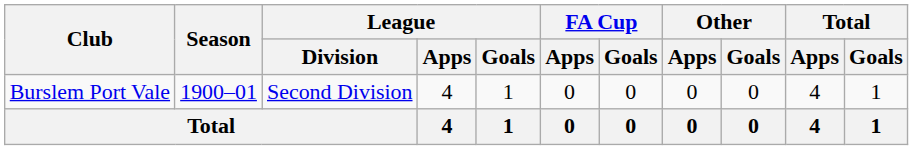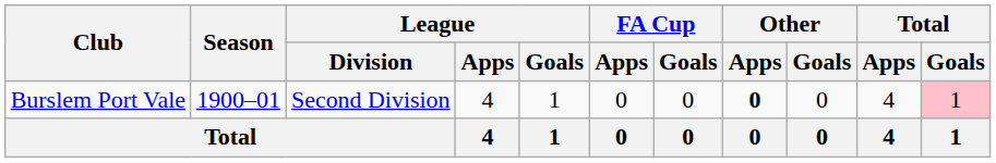 <table class="wikitable" style="text-align:center">
 <tr>
 <th rowspan="2">Club</th>
 <th rowspan="2">Season</th>
 <th colspan="3">League</th>
 <th colspan="2"><a href='#'>FA Cup</a></th>
 <th colspan="2">Other</th>
 <th colspan="2">Total</th>
 </tr>
 <tr>
 <th>Division</th>
 <th>Apps</th>
 <th>Goals</th>
 <th>Apps</th>
 <th>Goals</th>
 <th>Apps</th>
 <th>Goals</th>
 <th>Apps</th>
 <th>Goals</th>
 </tr>
 <tr>
 <td><a href='#'>Burslem Port Vale</a></td>
 <td><a href='#'>1900–01</a></td>
 <td><a href='#'>Second Division</a></td>
 <td>4</td>
 <td>1</td>
 <td>0</td>
 <td>0</td>
-<td>0</td>
+<td><strong>0</strong></td>
 <td>0</td>
 <td>4</td>
-<td>1</td>
+<td style="background: pink;">1</td>
 </tr>
 <tr>
 <th colspan="3">Total</th>
 <th>4</th>
 <th>1</th>
 <th>0</th>
 <th>0</th>
 <th>0</th>
 <th>0</th>
 <th>4</th>
 <th>1</th>
 </tr>
 </table>
